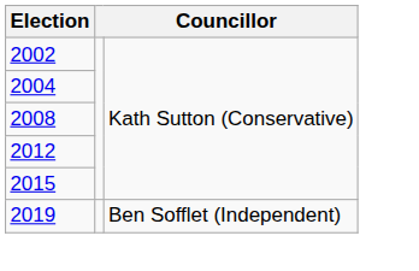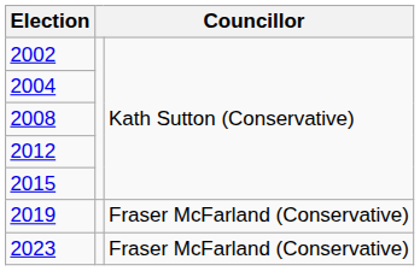 <table class="wikitable">
 <tr>
 <th>Election</th>
 <th colspan="2">Councillor</th>
 </tr>
 <tr>
 <td><a href='#'>2002</a></td>
 <td rowspan="5" style="background-color: "></td>
 <td rowspan="5">Kath Sutton (Conservative)</td>
 </tr>
 <tr>
 <td><a href='#'>2004</a></td>
 </tr>
 <tr>
 <td><a href='#'>2008</a></td>
 </tr>
 <tr>
 <td><a href='#'>2012</a></td>
 </tr>
 <tr>
 <td><a href='#'>2015</a></td>
 </tr>
 <tr>
 <td><a href='#'>2019</a></td>
 <td style="background-color: "></td>
-<td>Ben Sofflet (Independent)</td>
+<td>Fraser McFarland (Conservative)</td>
+</tr>
+<tr>
+<td><a href='#'>2023</a></td>
+<td style="background-color: "></td>
+<td>Fraser McFarland (Conservative)</td>
 </tr>
 </table>
